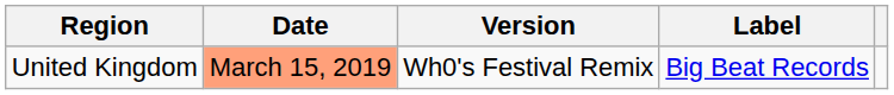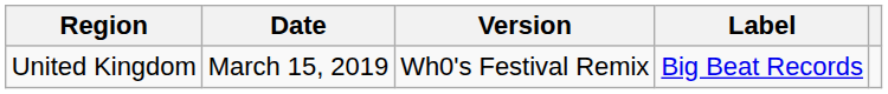 <table class=wikitable>
 <tr>
 <th scope="col">Region</th>
 <th scope="col">Date</th>
 <th scope="col">Version</th>
 <th scope="col">Label</th>
 <th scope="col"></th>
 </tr>
 <tr>
 <td>United Kingdom</td>
-<td style="background: lightsalmon;">March 15, 2019</td>
+<td>March 15, 2019</td>
 <td rowspan="2">Wh0's Festival Remix</td>
 <td rowspan="2"><a href='#'>Big Beat Records</a></td>
 <td rowspan="2"></td>
 </tr>
 </table>
